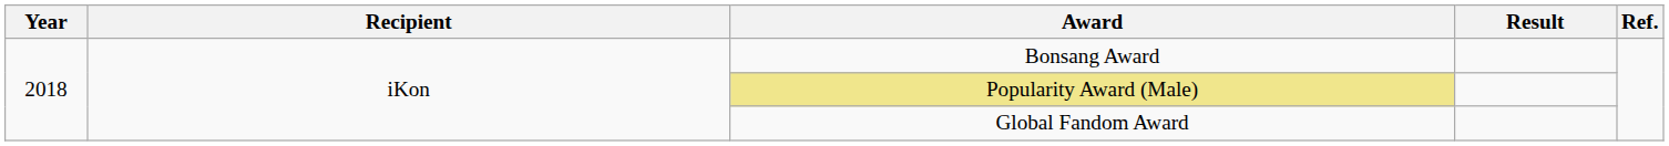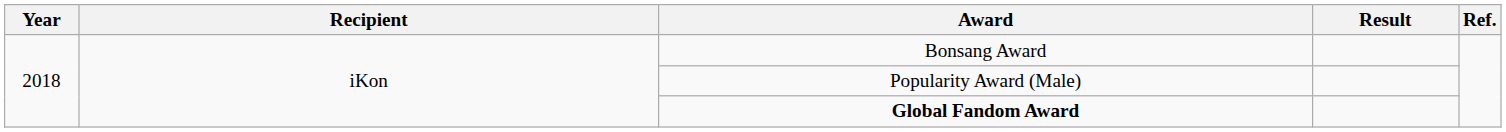 <table class="wikitable" style="text-align:center">
 <tr>
 <th width=5%>Year</th>
 <th style="width:40%;">Recipient</th>
 <th style="width:45%;">Award</th>
 <th style="width:10%;">Result</th>
 <th style="width:5%;">Ref.</th>
 </tr>
 <tr>
 <td rowspan="3">2018</td>
 <td rowspan="3">iKon</td>
 <td>Bonsang Award</td>
 <td></td>
 <td rowspan="3"></td>
 </tr>
 <tr>
-<td style="background: khaki;">Popularity Award (Male)</td>
+<td>Popularity Award (Male)</td>
 <td></td>
 </tr>
 <tr>
-<td>Global Fandom Award</td>
+<td><strong>Global Fandom Award</strong></td>
 <td></td>
 </tr>
 </table>
